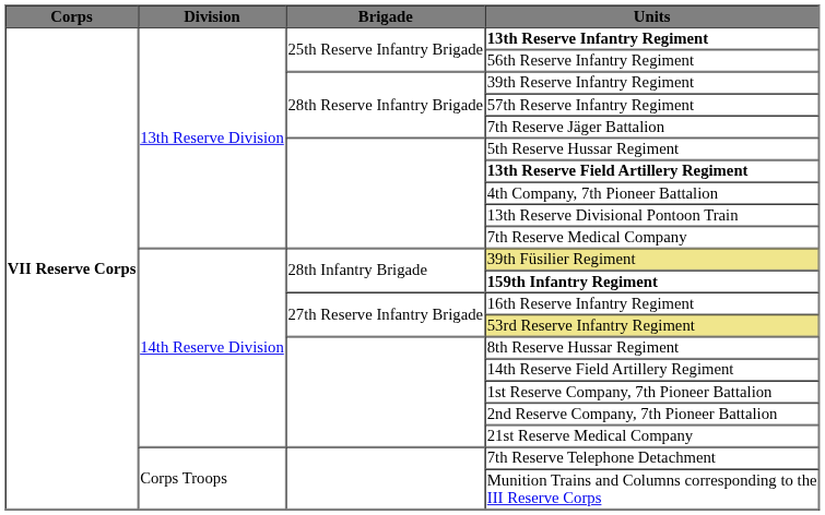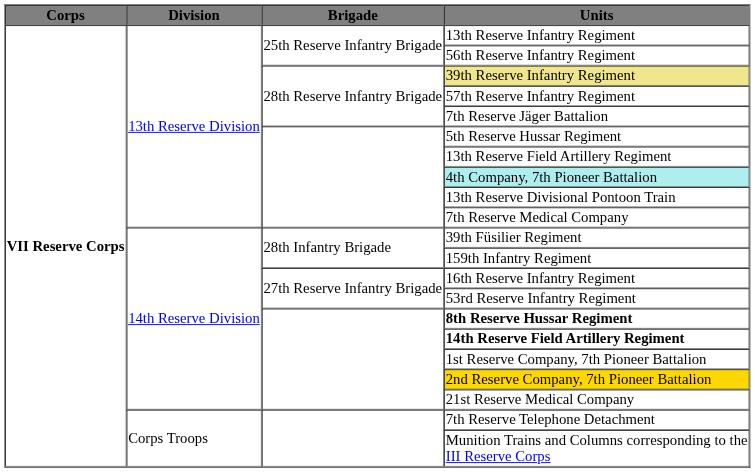 <table style="float: right;" border="1" cellpadding="1" cellspacing="0" style="font-size: 100%; border: gray solid 1px; border-collapse: collapse; text-align: center;">
 <tr style="background-color:grey; color:black;">
 <th>Corps</th>
 <th>Division</th>
 <th>Brigade</th>
 <th>Units</th>
 </tr>
 <tr>
 <td ROWSPAN=21><strong>VII Reserve Corps</strong></td>
 <td ROWSPAN=10><a href='#'>13th Reserve Division</a></td>
 <td ROWSPAN=2>25th Reserve Infantry Brigade</td>
-<td><strong>13th Reserve Infantry Regiment</strong></td>
+<td>13th Reserve Infantry Regiment</td>
 </tr>
 <tr>
 <td>56th Reserve Infantry Regiment</td>
 </tr>
 <tr>
 <td ROWSPAN=3>28th Reserve Infantry Brigade</td>
-<td>39th Reserve Infantry Regiment</td>
+<td style="background: khaki;">39th Reserve Infantry Regiment</td>
 </tr>
 <tr>
 <td>57th Reserve Infantry Regiment</td>
 </tr>
 <tr>
 <td>7th Reserve Jäger Battalion</td>
 </tr>
 <tr>
 <td ROWSPAN=5></td>
 <td>5th Reserve Hussar Regiment</td>
 </tr>
 <tr>
-<td><strong>13th Reserve Field Artillery Regiment</strong></td>
+<td>13th Reserve Field Artillery Regiment</td>
 </tr>
 <tr>
-<td>4th Company, 7th Pioneer Battalion</td>
+<td style="background: paleturquoise;">4th Company, 7th Pioneer Battalion</td>
 </tr>
 <tr>
 <td>13th Reserve Divisional Pontoon Train</td>
 </tr>
 <tr>
 <td>7th Reserve Medical Company</td>
 </tr>
 <tr>
 <td ROWSPAN=9><a href='#'>14th Reserve Division</a></td>
 <td ROWSPAN=2>28th Infantry Brigade</td>
-<td style="background: khaki;">39th Füsilier Regiment</td>
+<td>39th Füsilier Regiment</td>
 </tr>
 <tr>
-<td><strong>159th Infantry Regiment</strong></td>
+<td>159th Infantry Regiment</td>
 </tr>
 <tr>
 <td ROWSPAN=2>27th Reserve Infantry Brigade</td>
 <td>16th Reserve Infantry Regiment</td>
 </tr>
 <tr>
-<td style="background: khaki;">53rd Reserve Infantry Regiment</td>
+<td>53rd Reserve Infantry Regiment</td>
 </tr>
 <tr>
 <td ROWSPAN=5></td>
-<td>8th Reserve Hussar Regiment</td>
+<td><strong>8th Reserve Hussar Regiment</strong></td>
 </tr>
 <tr>
-<td>14th Reserve Field Artillery Regiment</td>
+<td><strong>14th Reserve Field Artillery Regiment</strong></td>
 </tr>
 <tr>
 <td>1st Reserve Company, 7th Pioneer Battalion</td>
 </tr>
 <tr>
-<td>2nd Reserve Company, 7th Pioneer Battalion</td>
+<td style="background: gold;">2nd Reserve Company, 7th Pioneer Battalion</td>
 </tr>
 <tr>
 <td>21st Reserve Medical Company</td>
 </tr>
 <tr>
 <td ROWSPAN=2>Corps Troops</td>
 <td ROWSPAN=2></td>
 <td>7th Reserve Telephone Detachment</td>
 </tr>
 <tr>
 <td>Munition Trains and Columns corresponding to the<br><a href='#'>III Reserve Corps</a></td>
 </tr>
 </table>
